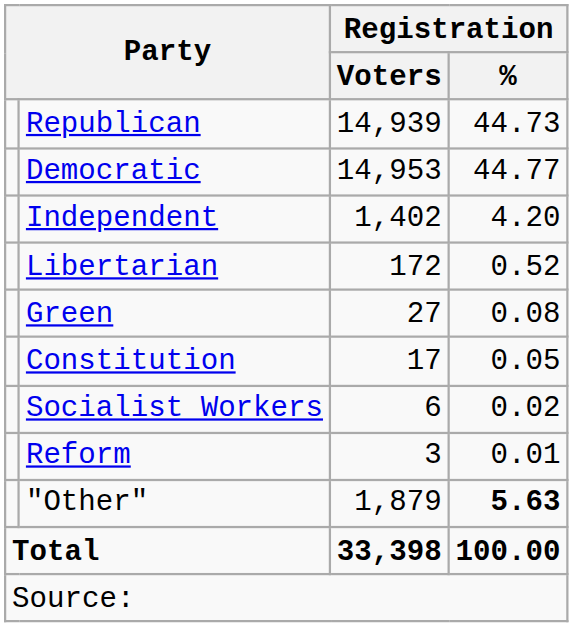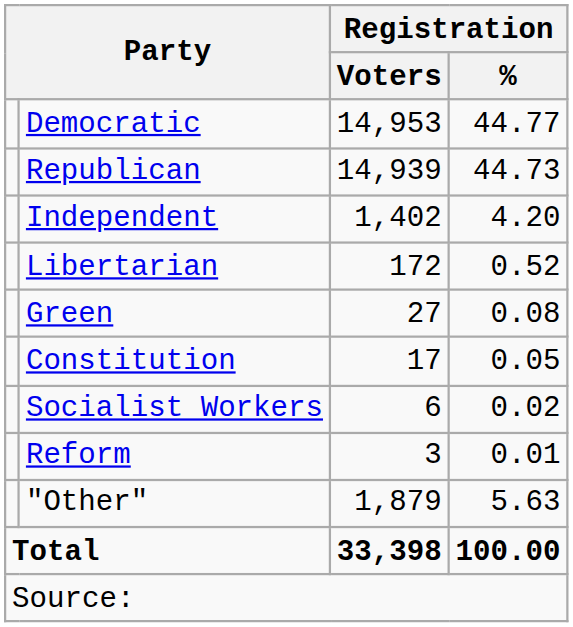 <table class="wikitable">
 <tr>
 <th colspan="2" rowspan="2">Party</th>
 <th colspan="2">Registration</th>
 </tr>
 <tr>
 <th>Voters</th>
 <th>%</th>
 </tr>
 <tr>
 <td style="background-color:"></td>
+<td><a href='#'>Democratic</a></td>
+<td style="text-align:right;">14,953</td>
+<td style="text-align:right;">44.77</td>
+</tr>
+<tr>
+<td style="background-color:"></td>
 <td><a href='#'>Republican</a></td>
 <td style="text-align:right;">14,939</td>
 <td style="text-align:right;">44.73</td>
-</tr>
-<tr>
-<td style="background-color:"></td>
-<td><a href='#'>Democratic</a></td>
-<td style="text-align:right;">14,953</td>
-<td style="text-align:right;">44.77</td>
 </tr>
 <tr>
 <td style="background-color:"></td>
 <td><a href='#'>Independent</a></td>
 <td style="text-align:right;">1,402</td>
 <td style="text-align:right;">4.20</td>
 </tr>
 <tr>
 <td style="background-color:"></td>
 <td><a href='#'>Libertarian</a></td>
 <td style="text-align:right;">172</td>
 <td style="text-align:right;">0.52</td>
 </tr>
 <tr>
 <td style="background-color:"></td>
 <td><a href='#'>Green</a></td>
 <td style="text-align:right;">27</td>
 <td style="text-align:right;">0.08</td>
 </tr>
 <tr>
 <td style="background-color:"></td>
 <td><a href='#'>Constitution</a></td>
 <td style="text-align:right;">17</td>
 <td style="text-align:right;">0.05</td>
 </tr>
 <tr>
 <td style="background-color:"></td>
 <td><a href='#'>Socialist Workers</a></td>
 <td style="text-align:right;">6</td>
 <td style="text-align:right;">0.02</td>
 </tr>
 <tr>
 <td style="background-color:"></td>
 <td><a href='#'>Reform</a></td>
 <td style="text-align:right;">3</td>
 <td style="text-align:right;">0.01</td>
 </tr>
 <tr>
 <td></td>
 <td>"Other"</td>
 <td style="text-align:right;">1,879</td>
-<td style="text-align:right;"><strong>5.63</strong></td>
+<td style="text-align:right;">5.63</td>
 </tr>
 <tr>
 <td colspan="2"><strong>Total</strong></td>
 <td style="text-align:right;"><strong>33,398</strong></td>
 <td style="text-align:right;"><strong>100.00</strong></td>
 </tr>
 <tr>
 <td colspan="4">Source: <em></em></td>
 </tr>
 </table>
